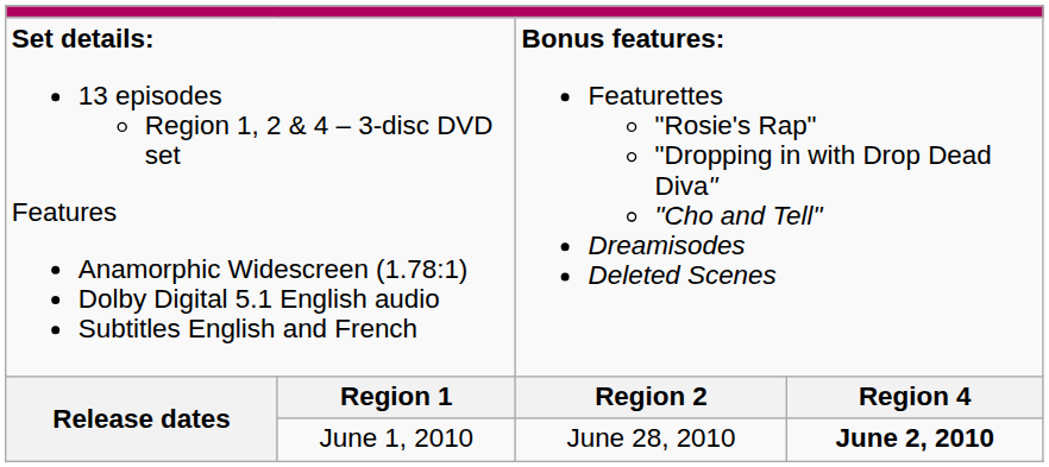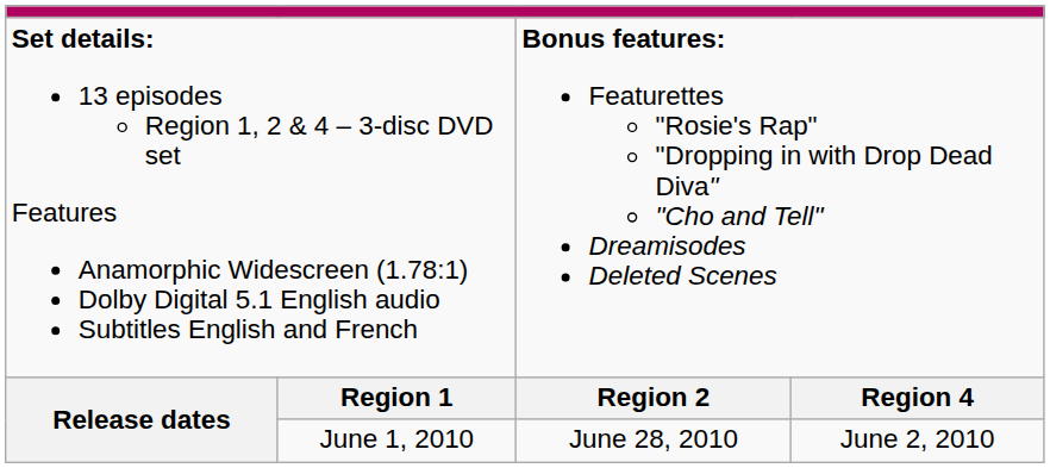 <table class="wikitable" width=100%>
 <tr>
 <td colspan="5" bgcolor="#AE035E"><strong><em></em></strong></td>
 </tr>
 <tr>
 <td colspan="2" valign=top><strong>Set details:</strong><br><ul><li>13 episodes<ul><li>Region 1, 2 & 4 – 3-disc DVD set</li></ul></li></ul>Features<ul><li>Anamorphic Widescreen (1.78:1)</li><li>Dolby Digital 5.1 English audio</li><li>Subtitles English and French</li></ul></td>
 <td colspan="3" valign=top><strong>Bonus features:</strong><br><ul><li>Featurettes<ul><li>"Rosie's Rap"</li><li>"Dropping in with Drop Dead Diva<em>"</li><li>"Cho and Tell"</li></ul></li><li>Dreamisodes</li><li>Deleted Scenes</li></ul></td>
 </tr>
 <tr>
 <th rowspan="2">Release dates</th>
 <th>Region 1</th>
 <th>Region 2</th>
 <th>Region 4</th>
 </tr>
 <tr>
 <td align="center">June 1, 2010</td>
 <td align="center">June 28, 2010</td>
-<td align="center"><strong>June 2, 2010</strong></td>
+<td align="center">June 2, 2010</td>
 </tr>
 </table>
